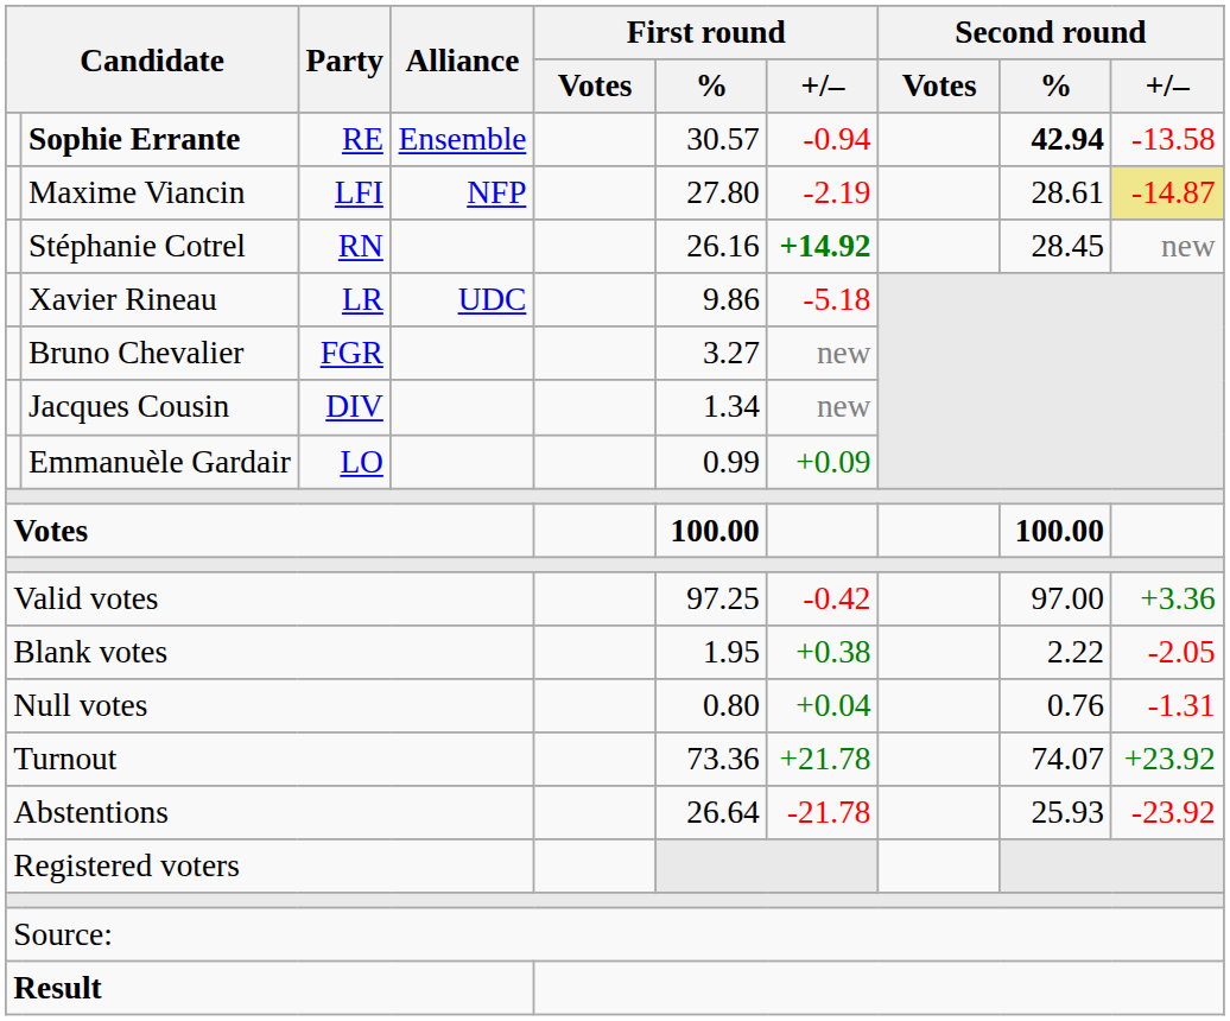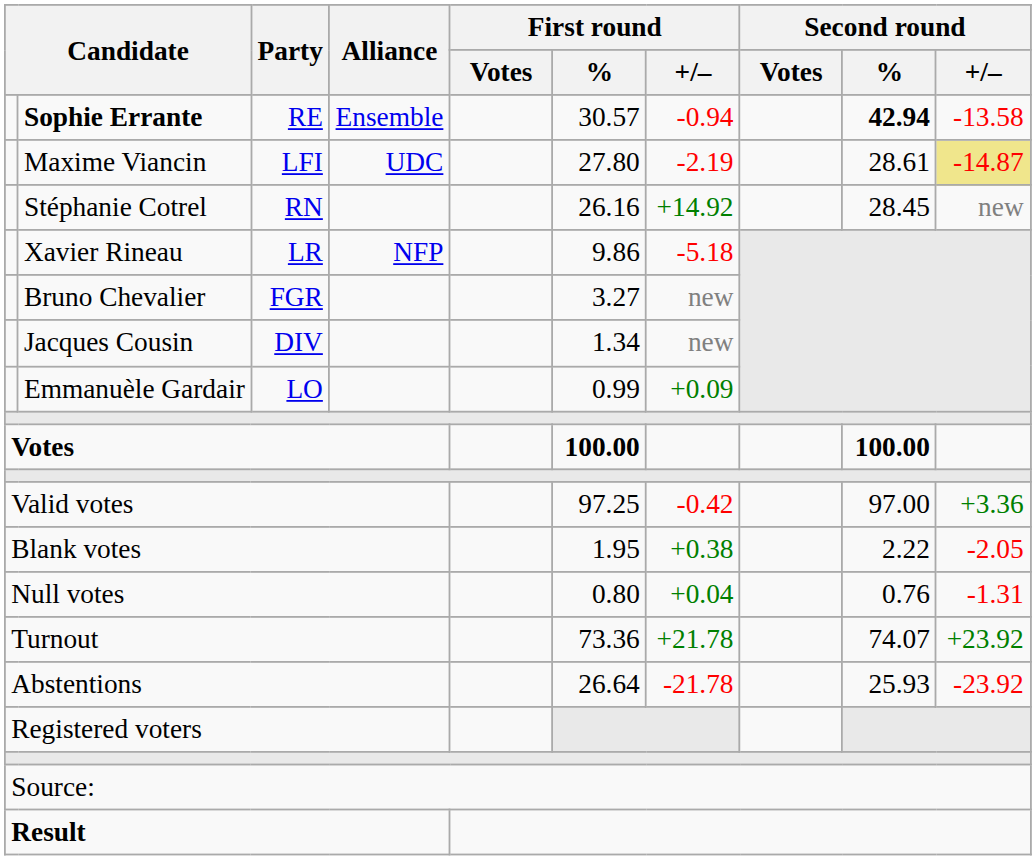 <table class="wikitable" style="text-align:right;font-size:95%;">
 <tr>
 <th rowspan="2" colspan="2">Candidate</th>
 <th colspan="1" rowspan="2">Party</th>
 <th colspan="1" rowspan="2">Alliance</th>
 <th colspan="3">First round</th>
 <th colspan="3">Second round</th>
 </tr>
 <tr>
 <th style="width:50px;">Votes</th>
 <th style="width:45px;">%</th>
 <th style="width:45px;">+/–</th>
 <th style="width:50px;">Votes</th>
 <th style="width:45px;">%</th>
 <th style="width:45px;">+/–</th>
 </tr>
 <tr>
 <td style="color:inherit;background:"></td>
 <td style="text-align:left;"><strong>Sophie Errante</strong></td>
 <td><a href='#'>RE</a></td>
 <td><a href='#'>Ensemble</a></td>
 <td></td>
 <td>30.57</td>
 <td style="color:red;">-0.94</td>
 <td><strong></strong></td>
 <td><strong>42.94</strong></td>
 <td style="color:red;">-13.58</td>
 </tr>
 <tr>
 <td style="color:inherit;background:"></td>
 <td style="text-align:left;">Maxime Viancin</td>
 <td><a href='#'>LFI</a></td>
-<td><a href='#'>NFP</a></td>
+<td><a href='#'>UDC</a></td>
 <td></td>
 <td>27.80</td>
 <td style="color:red;">-2.19</td>
 <td></td>
 <td>28.61</td>
 <td style="background: khaki; color:red;">-14.87</td>
 </tr>
 <tr>
 <td style="color:inherit;background:"></td>
 <td style="text-align:left;">Stéphanie Cotrel</td>
 <td><a href='#'>RN</a></td>
 <td></td>
 <td></td>
 <td>26.16</td>
-<td style="color:green;"><strong>+14.92</strong></td>
+<td style="color:green;">+14.92</td>
 <td></td>
 <td>28.45</td>
 <td style="color:grey;">new</td>
 </tr>
 <tr>
 <td style="color:inherit;background:"></td>
 <td style="text-align:left;">Xavier Rineau</td>
 <td><a href='#'>LR</a></td>
-<td><a href='#'>UDC</a></td>
+<td><a href='#'>NFP</a></td>
 <td></td>
 <td>9.86</td>
 <td style="color:red;">-5.18</td>
 <td colspan="3" rowspan="4" style="background:#E9E9E9;"></td>
 </tr>
 <tr>
 <td style="color:inherit;background:"></td>
 <td style="text-align:left;">Bruno Chevalier</td>
 <td><a href='#'>FGR</a></td>
 <td></td>
 <td></td>
 <td>3.27</td>
 <td style="color:grey;">new</td>
 </tr>
 <tr>
 <td style="color:inherit;background:"></td>
 <td style="text-align:left;">Jacques Cousin</td>
 <td><a href='#'>DIV</a></td>
 <td></td>
 <td></td>
 <td>1.34</td>
 <td style="color:grey;">new</td>
 </tr>
 <tr>
 <td style="color:inherit;background:"></td>
 <td style="text-align:left;">Emmanuèle Gardair</td>
 <td><a href='#'>LO</a></td>
 <td></td>
 <td></td>
 <td>0.99</td>
 <td style="color:green;">+0.09</td>
 </tr>
 <tr>
 <td colspan="10" style="background:#E9E9E9;"></td>
 </tr>
 <tr style="font-weight:bold;">
 <td colspan="4" style="text-align:left;">Votes</td>
 <td></td>
 <td>100.00</td>
 <td></td>
 <td></td>
 <td>100.00</td>
 <td></td>
 </tr>
 <tr>
 <td colspan="10" style="background:#E9E9E9;"></td>
 </tr>
 <tr>
 <td colspan="4" style="text-align:left;">Valid votes</td>
 <td></td>
 <td>97.25</td>
 <td style="color:red;">-0.42</td>
 <td></td>
 <td>97.00</td>
 <td style="color:green;">+3.36</td>
 </tr>
 <tr>
 <td colspan="4" style="text-align:left;">Blank votes</td>
 <td></td>
 <td>1.95</td>
 <td style="color:green;">+0.38</td>
 <td></td>
 <td>2.22</td>
 <td style="color:red;">-2.05</td>
 </tr>
 <tr>
 <td colspan="4" style="text-align:left;">Null votes</td>
 <td></td>
 <td>0.80</td>
 <td style="color:green;">+0.04</td>
 <td></td>
 <td>0.76</td>
 <td style="color:red;">-1.31</td>
 </tr>
 <tr>
 <td colspan="4" style="text-align:left;">Turnout</td>
 <td></td>
 <td>73.36</td>
 <td style="color:green;">+21.78</td>
 <td></td>
 <td>74.07</td>
 <td style="color:green;">+23.92</td>
 </tr>
 <tr>
 <td colspan="4" style="text-align:left;">Abstentions</td>
 <td></td>
 <td>26.64</td>
 <td style="color:red;">-21.78</td>
 <td></td>
 <td>25.93</td>
 <td style="color:red;">-23.92</td>
 </tr>
 <tr>
 <td colspan="4" style="text-align:left;">Registered voters</td>
 <td></td>
 <td colspan="2" style="background:#E9E9E9;"></td>
 <td></td>
 <td colspan="2" style="background:#E9E9E9;"></td>
 </tr>
 <tr>
 <td colspan="10" style="background:#E9E9E9;"></td>
 </tr>
 <tr>
 <td colspan="10" style="text-align:left;">Source: </td>
 </tr>
 <tr style="font-weight:bold">
 <td colspan="4" style="text-align:left;">Result</td>
 <td colspan="6" style="background-color:"></td>
 </tr>
 </table>
